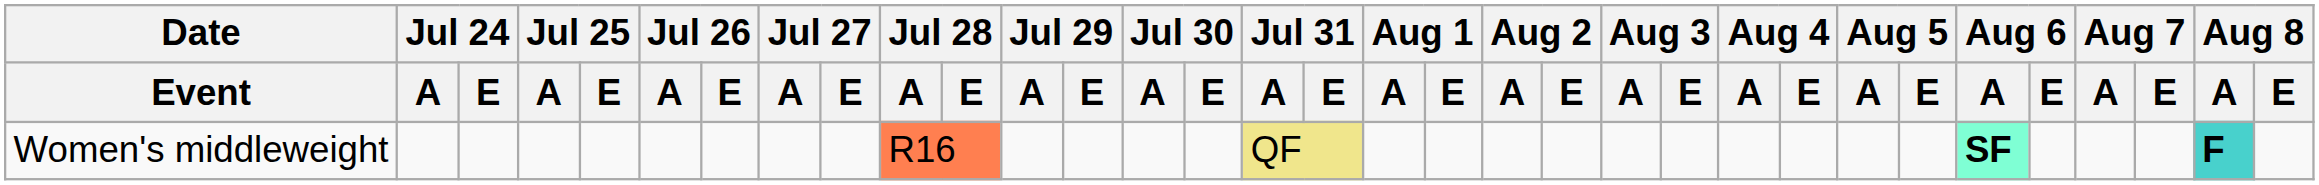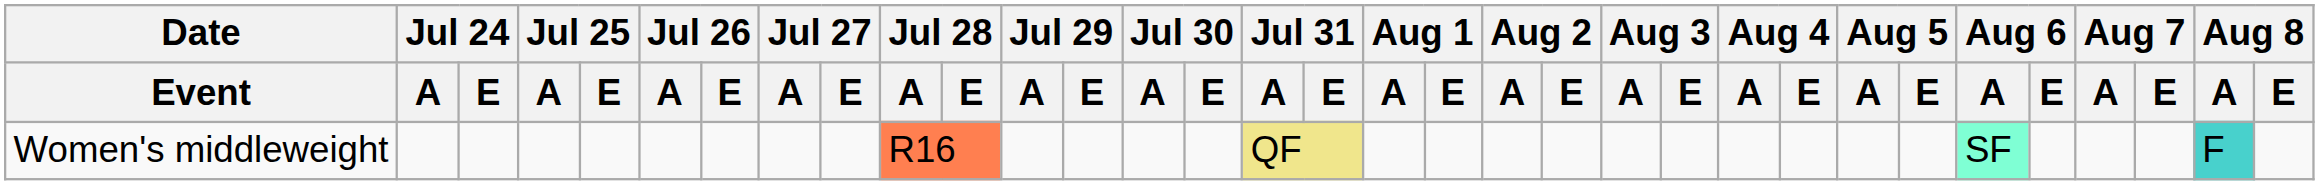 <table class="wikitable olympic-schedule Boxing">
 <tr>
 <th>Date</th>
 <th colspan="2">Jul 24</th>
 <th colspan="2">Jul 25</th>
 <th colspan="2">Jul 26</th>
 <th colspan="2">Jul 27</th>
 <th colspan="2">Jul 28</th>
 <th colspan="2">Jul 29</th>
 <th colspan="2">Jul 30</th>
 <th colspan="2">Jul 31</th>
 <th colspan="2">Aug 1</th>
 <th colspan="2">Aug 2</th>
 <th colspan="2">Aug 3</th>
 <th colspan="2">Aug 4</th>
 <th colspan="2">Aug 5</th>
 <th colspan="2">Aug 6</th>
 <th colspan="2">Aug 7</th>
 <th colspan="2">Aug 8</th>
 </tr>
 <tr>
 <th>Event</th>
 <th>A</th>
 <th>E</th>
 <th>A</th>
 <th>E</th>
 <th>A</th>
 <th>E</th>
 <th>A</th>
 <th>E</th>
 <th>A</th>
 <th>E</th>
 <th>A</th>
 <th>E</th>
 <th>A</th>
 <th>E</th>
 <th>A</th>
 <th>E</th>
 <th>A</th>
 <th>E</th>
 <th>A</th>
 <th>E</th>
 <th>A</th>
 <th>E</th>
 <th>A</th>
 <th>E</th>
 <th>A</th>
 <th>E</th>
 <th>A</th>
 <th>E</th>
 <th>A</th>
 <th>E</th>
 <th>A</th>
 <th>E</th>
 </tr>
 <tr>
 <td class="event">Women's middleweight</td>
 <td></td>
 <td></td>
 <td></td>
 <td></td>
 <td></td>
 <td></td>
 <td></td>
 <td></td>
 <td colspan="2" class="roundof16" bgcolor="#FF7F50">R16</td>
 <td></td>
 <td></td>
 <td></td>
 <td></td>
 <td colspan="2" bgcolor="#F0E68C" class="quarterfinals">QF</td>
 <td></td>
 <td></td>
 <td></td>
 <td></td>
 <td></td>
 <td></td>
 <td></td>
 <td></td>
 <td></td>
 <td></td>
-<td bgcolor="#7FFFD4" class="semifinals"><strong>SF</strong></td>
+<td bgcolor="#7FFFD4" class="semifinals">SF</td>
 <td></td>
 <td></td>
 <td></td>
-<td bgcolor="#48D1CC" class="final"><strong>F</strong></td>
+<td bgcolor="#48D1CC" class="final">F</td>
 <td></td>
 </tr>
 </table>
